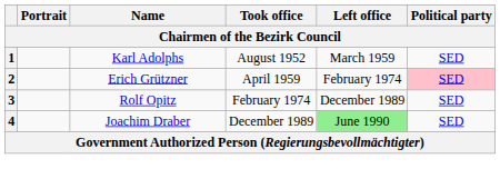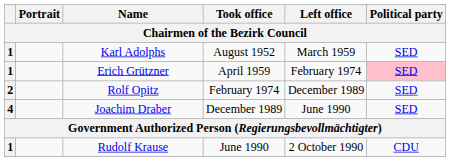 <table class="wikitable" style="text-align:center">
 <tr>
 <th></th>
 <th>Portrait</th>
 <th width=180>Name<br></th>
 <th>Took office</th>
 <th>Left office</th>
 <th>Political party</th>
 </tr>
 <tr>
 <th colspan=6>Chairmen of the Bezirk Council</th>
 </tr>
 <tr>
 <th style="background:">1</th>
 <td></td>
 <td><a href='#'>Karl Adolphs</a><br></td>
 <td>August 1952</td>
 <td>March 1959</td>
 <td><a href='#'>SED</a></td>
 </tr>
 <tr>
-<th style="background:">2</th>
+<th style="background:">1</th>
 <td></td>
 <td><a href='#'>Erich Grützner</a><br></td>
 <td>April 1959</td>
 <td>February 1974</td>
 <td style="background: pink;"><a href='#'>SED</a></td>
 </tr>
 <tr>
-<th style="background:">3</th>
+<th style="background:">2</th>
 <td></td>
 <td><a href='#'>Rolf Opitz</a><br></td>
 <td>February 1974</td>
 <td>December 1989</td>
 <td><a href='#'>SED</a></td>
 </tr>
 <tr>
 <th style="background:">4</th>
 <td></td>
 <td><a href='#'>Joachim Draber</a><br></td>
 <td>December 1989</td>
-<td style="background: lightgreen;">June 1990</td>
+<td>June 1990</td>
 <td><a href='#'>SED</a></td>
 </tr>
 <tr>
 <th colspan=6>Government Authorized Person (<em>Regierungsbevollmächtigter</em>)</th>
 </tr>
+<tr>
+<th style="background:">1</th>
+<td></td>
+<td><a href='#'>Rudolf Krause</a><br></td>
+<td>June 1990</td>
+<td>2 October 1990</td>
+<td><a href='#'>CDU</a></td>
+</tr>
 </table>
